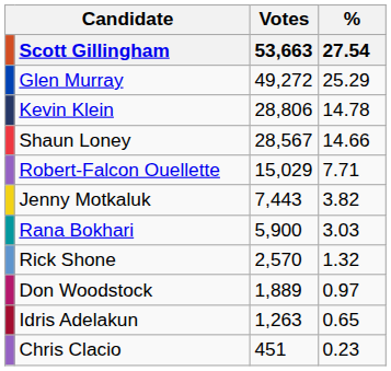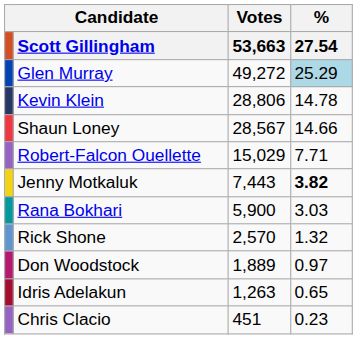 <table class="wikitable">
 <tr>
 <th bgcolor="#DDDDFF" width="200px"; colspan=2>Candidate</th>
 <th bgcolor="#DDDDFF" width="50px">Votes</th>
 <th bgcolor="#DDDDFF" width="50px">%</th>
 </tr>
 <tr>
 <td style="background:#d34e23;"></td>
 <th style="text-align:left; background:#"><a href='#'>Scott Gillingham</a></th>
 <th style="text-align:left; background:#">53,663</th>
 <th style="text-align:left; background:#">27.54</th>
 </tr>
 <tr>
 <td style="background:#0142b4;"></td>
 <td><a href='#'>Glen Murray</a></td>
 <td>49,272</td>
-<td>25.29</td>
+<td style="background: lightblue;">25.29</td>
 </tr>
 <tr>
 <td style="background:#263766;"></td>
 <td><a href='#'>Kevin Klein</a></td>
 <td>28,806</td>
 <td>14.78</td>
 </tr>
 <tr>
 <td style="background:#ef3741;"></td>
 <td>Shaun Loney</td>
 <td>28,567</td>
 <td>14.66</td>
 </tr>
 <tr>
 <td style="background:#9562c3;"></td>
 <td><a href='#'>Robert-Falcon Ouellette</a></td>
 <td>15,029</td>
 <td>7.71</td>
 </tr>
 <tr>
 <td style="background:#f3d315;"></td>
 <td>Jenny Motkaluk</td>
 <td>7,443</td>
-<td>3.82</td>
+<td><strong>3.82</strong></td>
 </tr>
 <tr>
 <td style="background:#03989e;"></td>
 <td><a href='#'>Rana Bokhari</a></td>
 <td>5,900</td>
 <td>3.03</td>
 </tr>
 <tr>
 <td style="background:#5f95ce;"></td>
 <td>Rick Shone</td>
 <td>2,570</td>
 <td>1.32</td>
 </tr>
 <tr>
 <td style="background:#b5186d;"></td>
 <td>Don Woodstock</td>
 <td>1,889</td>
 <td>0.97</td>
 </tr>
 <tr>
 <td style="background:#a40d30;"></td>
 <td>Idris Adelakun</td>
 <td>1,263</td>
 <td>0.65</td>
 </tr>
 <tr>
 <td style="background:#9562c3;"></td>
 <td>Chris Clacio</td>
 <td>451</td>
 <td>0.23</td>
 </tr>
 </table>
